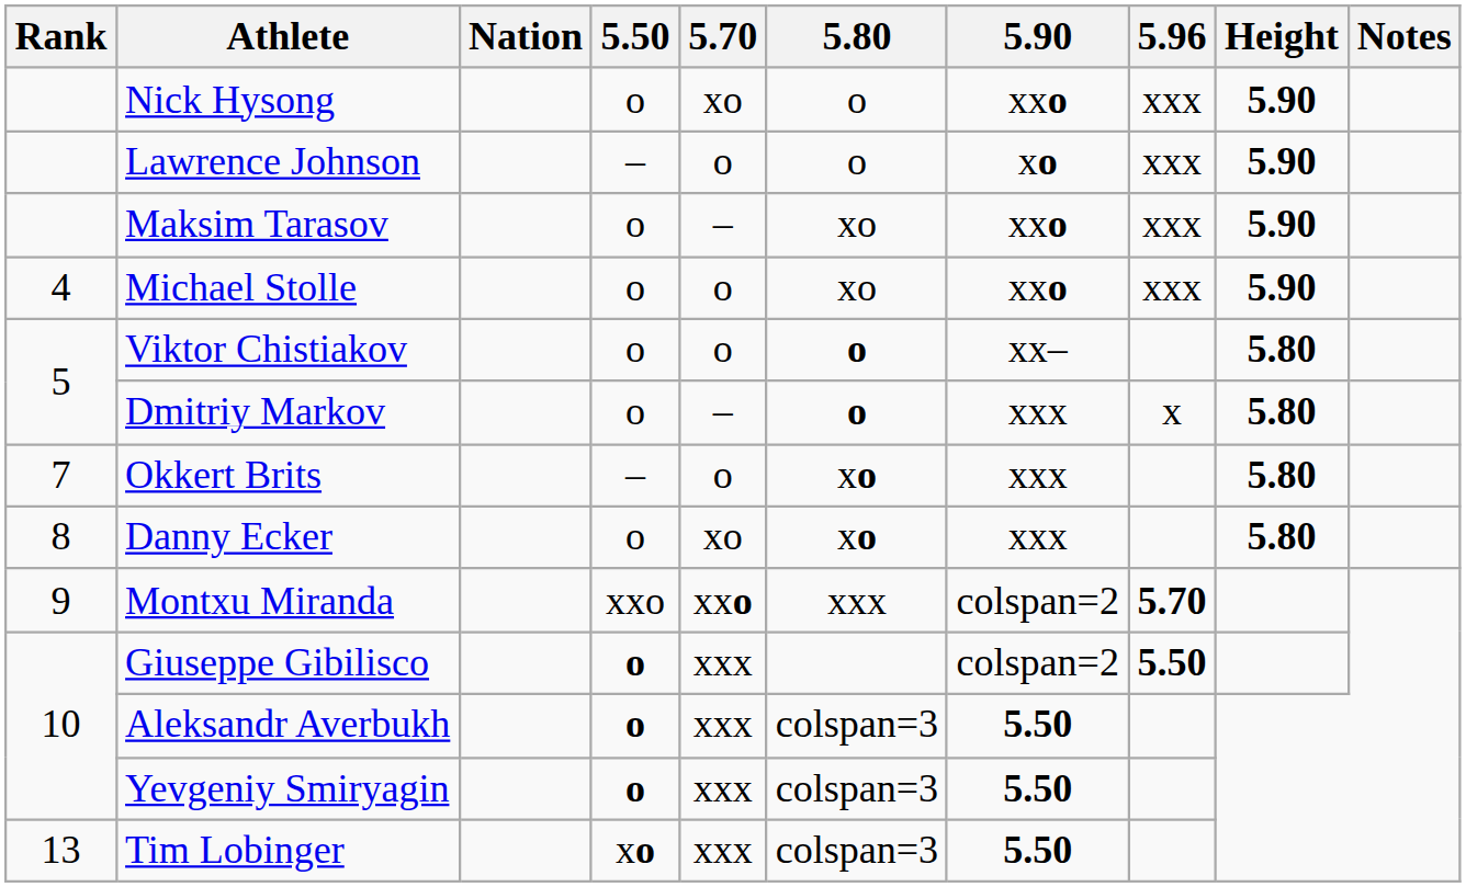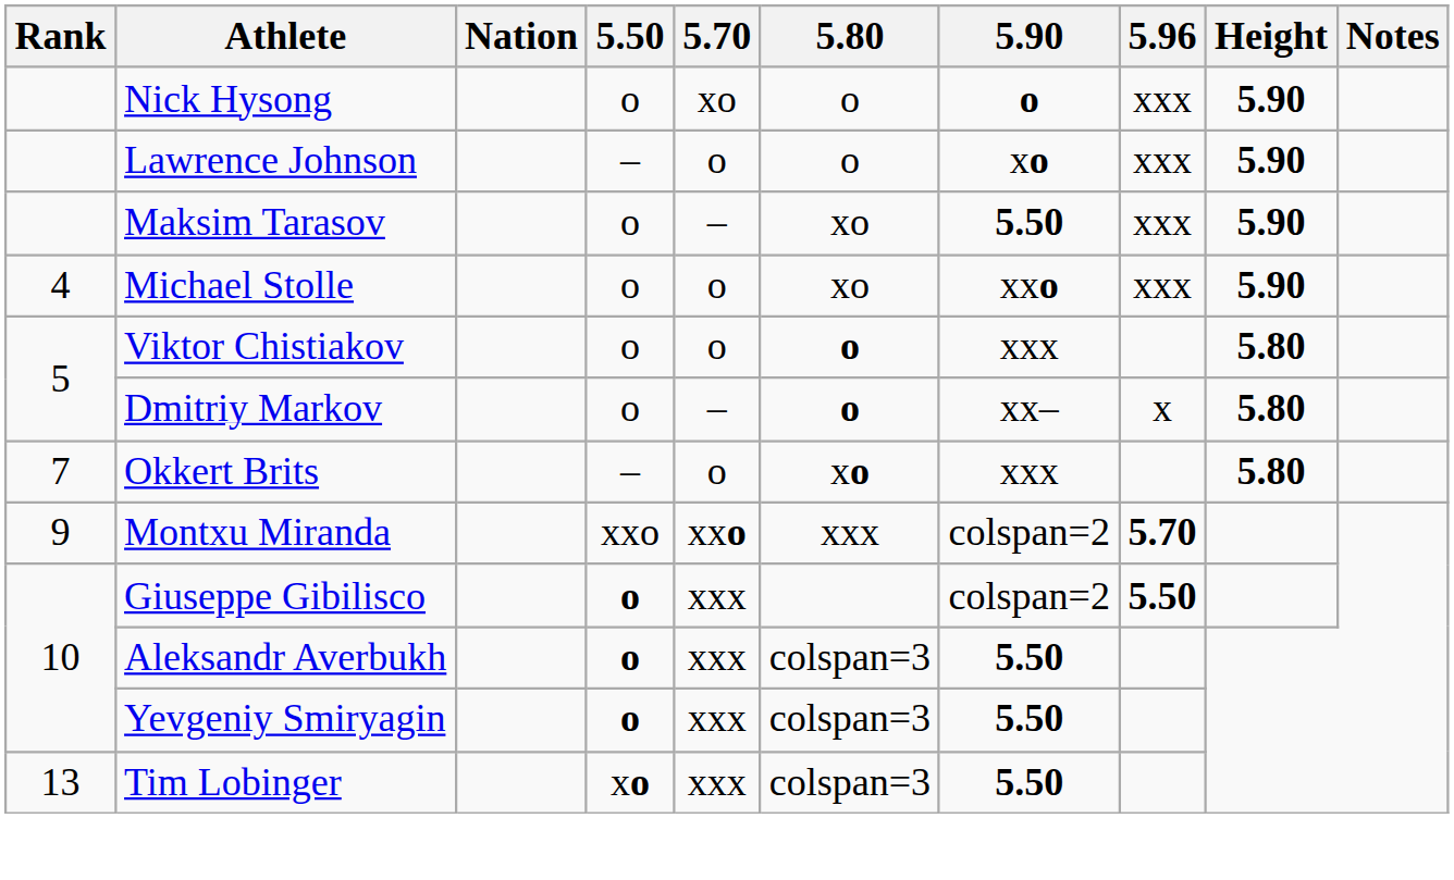 <table class="wikitable sortable" style="text-align:center">
 <tr>
 <th>Rank</th>
 <th>Athlete</th>
 <th>Nation</th>
 <th>5.50</th>
 <th>5.70</th>
 <th>5.80</th>
 <th>5.90</th>
 <th>5.96</th>
 <th>Height</th>
 <th>Notes</th>
 </tr>
 <tr>
 <td></td>
 <td align="left"><a href='#'>Nick Hysong</a></td>
 <td align=left></td>
 <td>o</td>
 <td>xo</td>
 <td>o</td>
-<td>xx<strong>o</strong></td>
+<td><strong>o</strong></td>
 <td>xxx</td>
 <td><strong>5.90</strong></td>
 <td></td>
 </tr>
 <tr>
 <td></td>
 <td align="left"><a href='#'>Lawrence Johnson</a></td>
 <td align=left></td>
 <td>–</td>
 <td>o</td>
 <td>o</td>
 <td>x<strong>o</strong></td>
 <td>xxx</td>
 <td><strong>5.90</strong></td>
 <td></td>
 </tr>
 <tr>
 <td></td>
 <td align="left"><a href='#'>Maksim Tarasov</a></td>
 <td align=left></td>
 <td>o</td>
 <td>–</td>
 <td>xo</td>
-<td>xx<strong>o</strong></td>
+<td><strong>5.50</strong></td>
 <td>xxx</td>
 <td><strong>5.90</strong></td>
 <td></td>
 </tr>
 <tr>
 <td>4</td>
 <td align="left"><a href='#'>Michael Stolle</a></td>
 <td align=left></td>
 <td>o</td>
 <td>o</td>
 <td>xo</td>
 <td>xx<strong>o</strong></td>
 <td>xxx</td>
 <td><strong>5.90</strong></td>
 <td></td>
 </tr>
 <tr>
 <td rowspan=2>5</td>
 <td align="left"><a href='#'>Viktor Chistiakov</a></td>
 <td align=left></td>
 <td>o</td>
 <td>o</td>
 <td><strong>o</strong></td>
-<td>xx–</td>
+<td>xxx</td>
 <td></td>
 <td><strong>5.80</strong></td>
 <td></td>
 </tr>
 <tr>
 <td align="left"><a href='#'>Dmitriy Markov</a></td>
 <td align=left></td>
 <td>o</td>
 <td>–</td>
 <td><strong>o</strong></td>
-<td>xxx</td>
+<td>xx–</td>
 <td>x</td>
 <td><strong>5.80</strong></td>
 <td></td>
 </tr>
 <tr>
 <td>7</td>
 <td align="left"><a href='#'>Okkert Brits</a></td>
 <td align=left></td>
 <td>–</td>
 <td>o</td>
-<td>x<strong>o</strong></td>
-<td>xxx</td>
-<td></td>
-<td><strong>5.80</strong></td>
-<td></td>
-</tr>
-<tr>
-<td>8</td>
-<td align="left"><a href='#'>Danny Ecker</a></td>
-<td align=left></td>
-<td>o</td>
-<td>xo</td>
 <td>x<strong>o</strong></td>
 <td>xxx</td>
 <td></td>
 <td><strong>5.80</strong></td>
 <td></td>
 </tr>
 <tr>
 <td>9</td>
 <td align="left"><a href='#'>Montxu Miranda</a></td>
 <td align=left></td>
 <td>xxo</td>
 <td>xx<strong>o</strong></td>
 <td>xxx</td>
 <td>colspan=2 </td>
 <td><strong>5.70</strong></td>
 <td></td>
 </tr>
 <tr>
 <td rowspan=3>10</td>
 <td align="left"><a href='#'>Giuseppe Gibilisco</a></td>
 <td align=left></td>
 <td><strong>o</strong></td>
 <td>xxx</td>
 <td></td>
 <td>colspan=2 </td>
 <td><strong>5.50</strong></td>
 <td></td>
 </tr>
 <tr>
 <td align="left"><a href='#'>Aleksandr Averbukh</a></td>
 <td align=left></td>
 <td><strong>o</strong></td>
 <td>xxx</td>
 <td>colspan=3 </td>
 <td><strong>5.50</strong></td>
 <td></td>
 </tr>
 <tr>
 <td align="left"><a href='#'>Yevgeniy Smiryagin</a></td>
 <td align=left></td>
 <td><strong>o</strong></td>
 <td>xxx</td>
 <td>colspan=3 </td>
 <td><strong>5.50</strong></td>
 <td></td>
 </tr>
 <tr>
 <td>13</td>
 <td align="left"><a href='#'>Tim Lobinger</a></td>
 <td align=left></td>
 <td>x<strong>o</strong></td>
 <td>xxx</td>
 <td>colspan=3 </td>
 <td><strong>5.50</strong></td>
 <td></td>
 </tr>
 </table>
